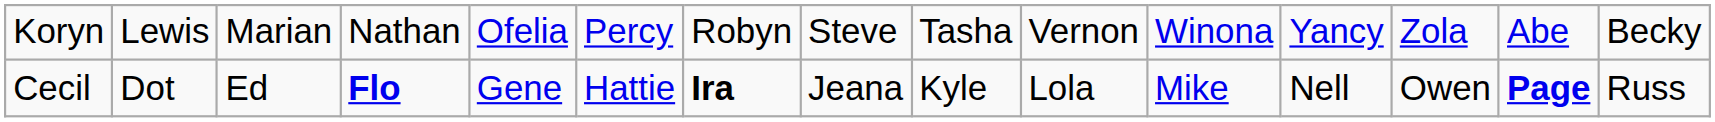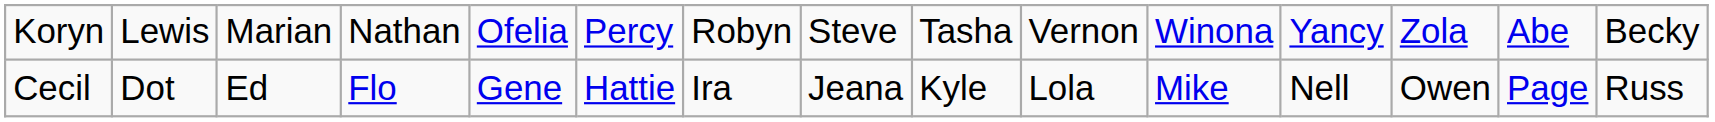 <table class="wikitable">
 <tr>
 <td>Koryn</td>
 <td>Lewis</td>
 <td>Marian</td>
 <td>Nathan</td>
 <td><a href='#'>Ofelia</a></td>
 <td><a href='#'>Percy</a></td>
 <td>Robyn</td>
 <td>Steve</td>
 <td>Tasha</td>
 <td>Vernon</td>
 <td><a href='#'>Winona</a></td>
 <td><a href='#'>Yancy</a></td>
 <td><a href='#'>Zola</a></td>
 <td><a href='#'>Abe</a></td>
 <td>Becky</td>
 </tr>
 <tr>
 <td>Cecil</td>
 <td>Dot</td>
 <td>Ed</td>
-<td><strong><a href='#'>Flo</a></strong></td>
+<td><a href='#'>Flo</a></td>
 <td><a href='#'>Gene</a></td>
 <td><a href='#'>Hattie</a></td>
-<td><strong>Ira</strong></td>
+<td>Ira</td>
 <td>Jeana</td>
 <td>Kyle</td>
 <td>Lola</td>
 <td><a href='#'>Mike</a></td>
 <td>Nell</td>
 <td>Owen</td>
-<td><strong><a href='#'>Page</a></strong></td>
+<td><a href='#'>Page</a></td>
 <td>Russ</td>
 </tr>
 </table>
